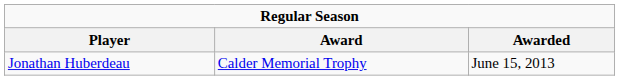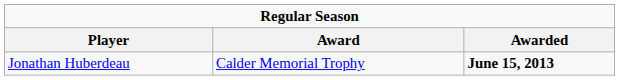 <table class="wikitable" width="52%">
 <tr>
 <td colspan="10" align="center"><strong>Regular Season</strong></td>
 </tr>
 <tr>
 <th>Player</th>
 <th>Award</th>
 <th>Awarded</th>
 </tr>
 <tr>
 <td><a href='#'>Jonathan Huberdeau</a></td>
 <td><a href='#'>Calder Memorial Trophy</a></td>
-<td>June 15, 2013</td>
+<td><strong>June 15, 2013</strong></td>
 </tr>
 </table>
